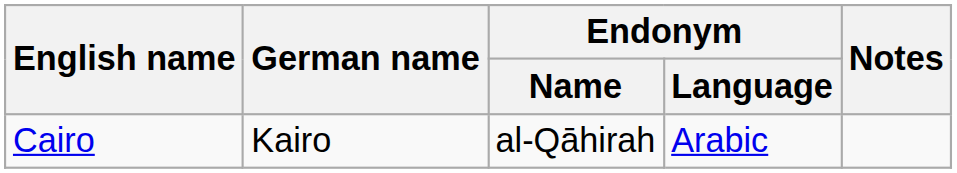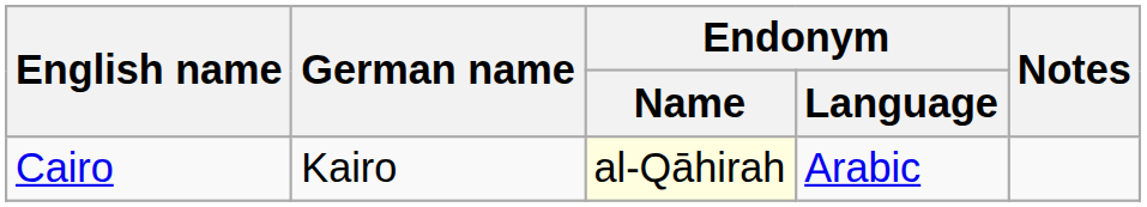 <table class="wikitable sortable mw-collapsible">
 <tr>
 <th rowspan="2">English name</th>
 <th rowspan="2">German name</th>
 <th colspan="2">Endonym</th>
 <th rowspan="2">Notes</th>
 </tr>
 <tr>
 <th>Name</th>
 <th>Language</th>
 </tr>
 <tr>
 <td><a href='#'>Cairo</a></td>
 <td>Kairo</td>
-<td>al-Qāhirah</td>
+<td style="background: lightyellow;">al-Qāhirah</td>
 <td><a href='#'>Arabic</a></td>
 <td></td>
 </tr>
 </table>
